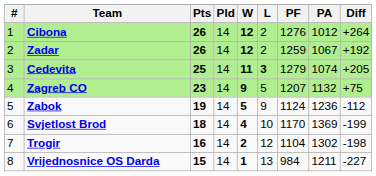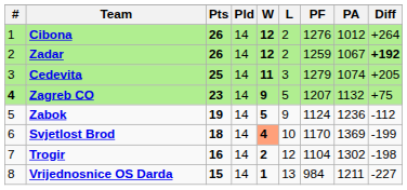 <table class=wikitable>
 <tr align=center>
 </tr>
 <tr>
 <th width=20>#</th>
 <th width=220>Team</th>
 <th width=20>Pts</th>
 <th width=20>Pld</th>
 <th width=20>W</th>
 <th width=20>L</th>
 <th width=20>PF</th>
 <th width=20>PA</th>
 <th width=20>Diff</th>
 </tr>
 <tr bgcolor=B0EE90>
 <td>1</td>
 <td align="left"><strong><a href='#'>Cibona</a></strong></td>
 <td><strong>26</strong></td>
 <td>14</td>
 <td><strong>12</strong></td>
 <td>2</td>
 <td>1276</td>
 <td>1012</td>
 <td>+264</td>
 </tr>
 <tr bgcolor=B0EE90>
 <td>2</td>
 <td align="left"><strong><a href='#'>Zadar</a></strong></td>
 <td><strong>26</strong></td>
 <td>14</td>
 <td><strong>12</strong></td>
 <td>2</td>
 <td>1259</td>
 <td>1067</td>
-<td>+192</td>
+<td><strong>+192</strong></td>
 </tr>
 <tr bgcolor=B0EE90>
 <td>3</td>
 <td align="left"><strong><a href='#'>Cedevita</a></strong></td>
 <td><strong>25</strong></td>
 <td>14</td>
 <td><strong>11</strong></td>
-<td><strong>3</strong></td>
+<td>3</td>
 <td>1279</td>
 <td>1074</td>
 <td>+205</td>
 </tr>
 <tr bgcolor=B0EE90>
-<td>4</td>
+<td><strong>4</strong></td>
 <td align="left"><strong><a href='#'>Zagreb CO</a></strong></td>
 <td><strong>23</strong></td>
 <td>14</td>
 <td><strong>9</strong></td>
 <td>5</td>
 <td>1207</td>
 <td>1132</td>
 <td>+75</td>
 </tr>
 <tr>
 <td>5</td>
 <td align="left"><strong><a href='#'>Zabok</a></strong></td>
 <td><strong>19</strong></td>
 <td>14</td>
 <td><strong>5</strong></td>
 <td>9</td>
 <td>1124</td>
 <td>1236</td>
 <td>-112</td>
 </tr>
 <tr>
 <td>6</td>
 <td align="left"><strong><a href='#'>Svjetlost Brod</a></strong></td>
 <td><strong>18</strong></td>
 <td>14</td>
-<td><strong>4</strong></td>
+<td style="background: lightsalmon;"><strong>4</strong></td>
 <td>10</td>
 <td>1170</td>
 <td>1369</td>
 <td>-199</td>
 </tr>
 <tr>
 <td>7</td>
 <td align="left"><strong><a href='#'>Trogir</a></strong></td>
 <td><strong>16</strong></td>
 <td>14</td>
 <td><strong>2</strong></td>
 <td>12</td>
 <td>1104</td>
 <td>1302</td>
 <td>-198</td>
 </tr>
 <tr>
 <td>8</td>
 <td align="left"><strong><a href='#'>Vrijednosnice OS Darda</a></strong></td>
 <td><strong>15</strong></td>
 <td>14</td>
 <td><strong>1</strong></td>
 <td>13</td>
 <td>984</td>
 <td>1211</td>
 <td>-227</td>
 </tr>
 </table>
